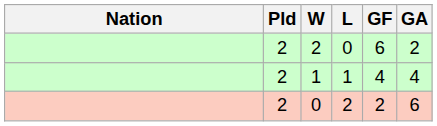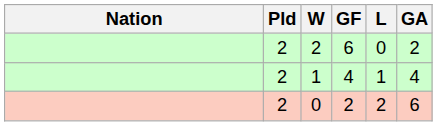 <table class=wikitable style="text-align:center">
 <tr>
 <th width=220>Nation</th>
 <th width=20>Pld</th>
 <th width=20>W</th>
+<th width=20>GF</th>
 <th width=20>L</th>
-<th width=20>GF</th>
 <th width=20>GA</th>
 </tr>
 <tr bgcolor="#ccffcc">
 <td align=left></td>
 <td>2</td>
 <td>2</td>
+<td>6</td>
 <td>0</td>
-<td>6</td>
 <td>2</td>
 </tr>
 <tr bgcolor="#ccffcc">
 <td align=left></td>
 <td>2</td>
 <td>1</td>
+<td>4</td>
 <td>1</td>
-<td>4</td>
 <td>4</td>
 </tr>
 <tr bgcolor="#fcccc">
 <td align=left></td>
 <td>2</td>
 <td>0</td>
 <td>2</td>
 <td>2</td>
 <td>6</td>
 </tr>
 </table>
